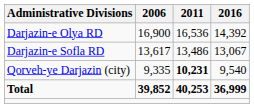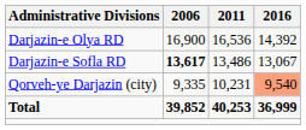 <table class="wikitable">
 <tr>
 <th>Administrative Divisions</th>
 <th>2006</th>
 <th>2011</th>
 <th>2016</th>
 </tr>
 <tr>
 <td><a href='#'>Darjazin-e Olya RD</a></td>
 <td style="text-align: right;">16,900</td>
 <td style="text-align: right;">16,536</td>
 <td style="text-align: right;">14,392</td>
 </tr>
 <tr>
 <td><a href='#'>Darjazin-e Sofla RD</a></td>
-<td style="text-align: right;">13,617</td>
+<td style="text-align: right;"><strong>13,617</strong></td>
 <td style="text-align: right;">13,486</td>
 <td style="text-align: right;">13,067</td>
 </tr>
 <tr>
 <td><a href='#'>Qorveh-ye Darjazin</a> (city)</td>
 <td style="text-align: right;">9,335</td>
-<td style="text-align: right;"><strong>10,231</strong></td>
-<td style="text-align: right;">9,540</td>
+<td style="text-align: right;">10,231</td>
+<td style="background: lightsalmon; text-align: right;">9,540</td>
 </tr>
 <tr>
 <td><strong>Total</strong></td>
 <td style="text-align: right;"><strong>39,852</strong></td>
 <td style="text-align: right;"><strong>40,253</strong></td>
 <td style="text-align: right;"><strong>36,999</strong></td>
 </tr>
 <tr>
 <td colspan=4></td>
 </tr>
 </table>
